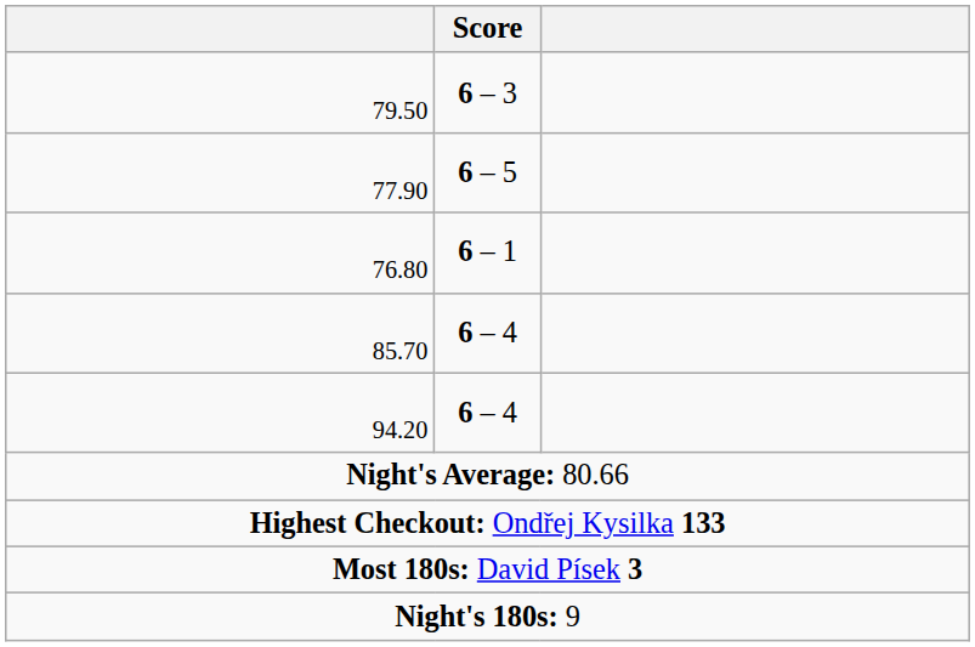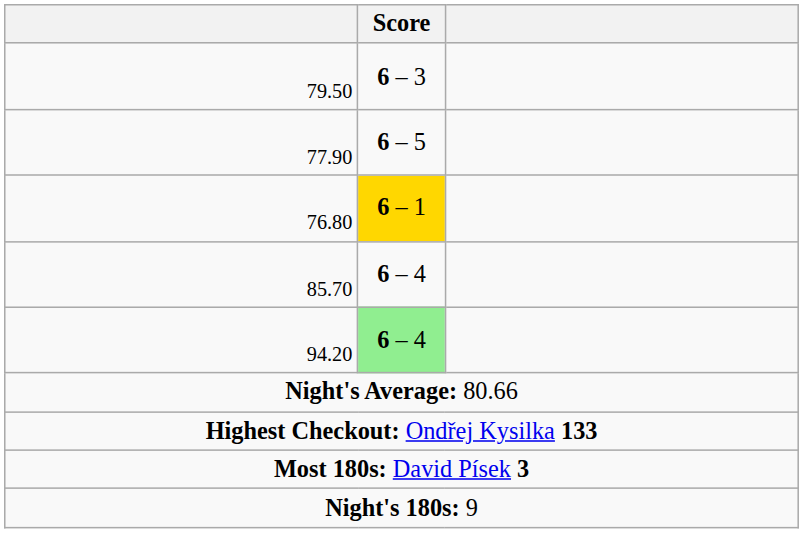 <table class="wikitable" style="text-align:center">
 <tr>
 <th style="width:225px;"></th>
 <th style="width:50px;">Score</th>
 <th style="width:225px;"></th>
 </tr>
 <tr style="text-align:left;">
 <td align=right> <br> <small><span>79.50</span></small></td>
 <td align=center><strong>6</strong> – 3</td>
 <td></td>
 </tr>
 <tr style="text-align:left;">
 <td align=right> <br> <small><span>77.90</span></small></td>
 <td align=center><strong>6</strong> – 5</td>
 <td></td>
 </tr>
 <tr style="text-align:left;">
 <td align=right> <br> <small><span>76.80</span></small></td>
-<td align=center><strong>6</strong> – 1</td>
+<td align=center style="background: gold;"><strong>6</strong> – 1</td>
 <td></td>
 </tr>
 <tr style="text-align:left;">
 <td align=right> <br> <small><span>85.70</span></small></td>
 <td align=center><strong>6</strong> – 4</td>
 <td></td>
 </tr>
 <tr style="text-align:left;">
 <td align=right> <br> <small><span>94.20</span></small></td>
-<td align=center><strong>6</strong> – 4</td>
+<td align=center style="background: lightgreen;"><strong>6</strong> – 4</td>
 <td></td>
 </tr>
 <tr style="text-align:center;">
 <td colspan="3"><strong>Night's Average:</strong> 80.66</td>
 </tr>
 <tr style="text-align:center;">
 <td colspan="3"><strong>Highest Checkout:</strong>  <a href='#'>Ondřej Kysilka</a> <strong>133</strong></td>
 </tr>
 <tr style="text-align:center;">
 <td colspan="3"><strong>Most 180s:</strong>   <a href='#'>David Písek</a> <strong>3</strong></td>
 </tr>
 <tr style="text-align:center;">
 <td colspan="3"><strong>Night's 180s:</strong> 9</td>
 </tr>
 </table>
